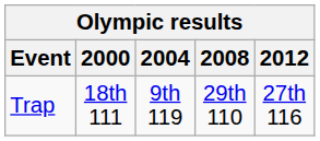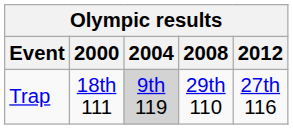 <table class="wikitable" style="text-align: center">
 <tr>
 <th colspan=5>Olympic results</th>
 </tr>
 <tr>
 <th>Event</th>
 <th>2000</th>
 <th>2004</th>
 <th>2008</th>
 <th>2012</th>
 </tr>
 <tr>
 <td align=left><a href='#'>Trap</a></td>
 <td><a href='#'>18th</a><br>111</td>
-<td><a href='#'>9th</a><br>119</td>
+<td style="background: lightgrey;"><a href='#'>9th</a><br>119</td>
 <td><a href='#'>29th</a><br>110</td>
 <td><a href='#'>27th</a><br>116</td>
 </tr>
 </table>
